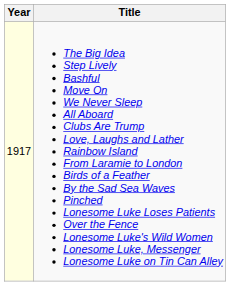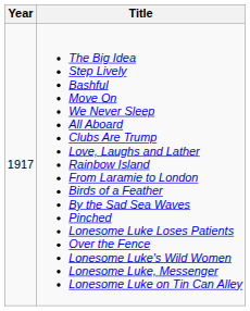 <table class="wikitable sortable">
 <tr>
 <th>Year</th>
 <th>Title</th>
 </tr>
 <tr>
-<td style="background: lightyellow;">1917</td>
+<td>1917</td>
 <td><br><ul><li><em><a href='#'>The Big Idea</a></em></li><li><em><a href='#'>Step Lively</a></em></li><li><em><a href='#'>Bashful</a></em></li><li><em><a href='#'>Move On</a></em></li><li><em><a href='#'>We Never Sleep</a></em></li><li><em><a href='#'>All Aboard</a></em></li><li><em><a href='#'>Clubs Are Trump</a></em></li><li><em><a href='#'>Love, Laughs and Lather</a></em></li><li><em><a href='#'>Rainbow Island</a></em></li><li><em><a href='#'>From Laramie to London</a></em></li><li><em><a href='#'>Birds of a Feather</a></em></li><li><em><a href='#'>By the Sad Sea Waves</a></em></li><li><em><a href='#'>Pinched</a></em></li><li><em><a href='#'>Lonesome Luke Loses Patients</a></em></li><li><em><a href='#'>Over the Fence</a></em></li><li><em><a href='#'>Lonesome Luke's Wild Women</a></em></li><li><em><a href='#'>Lonesome Luke, Messenger</a></em></li><li><em><a href='#'>Lonesome Luke on Tin Can Alley</a></em></li></ul></td>
 </tr>
 </table>
